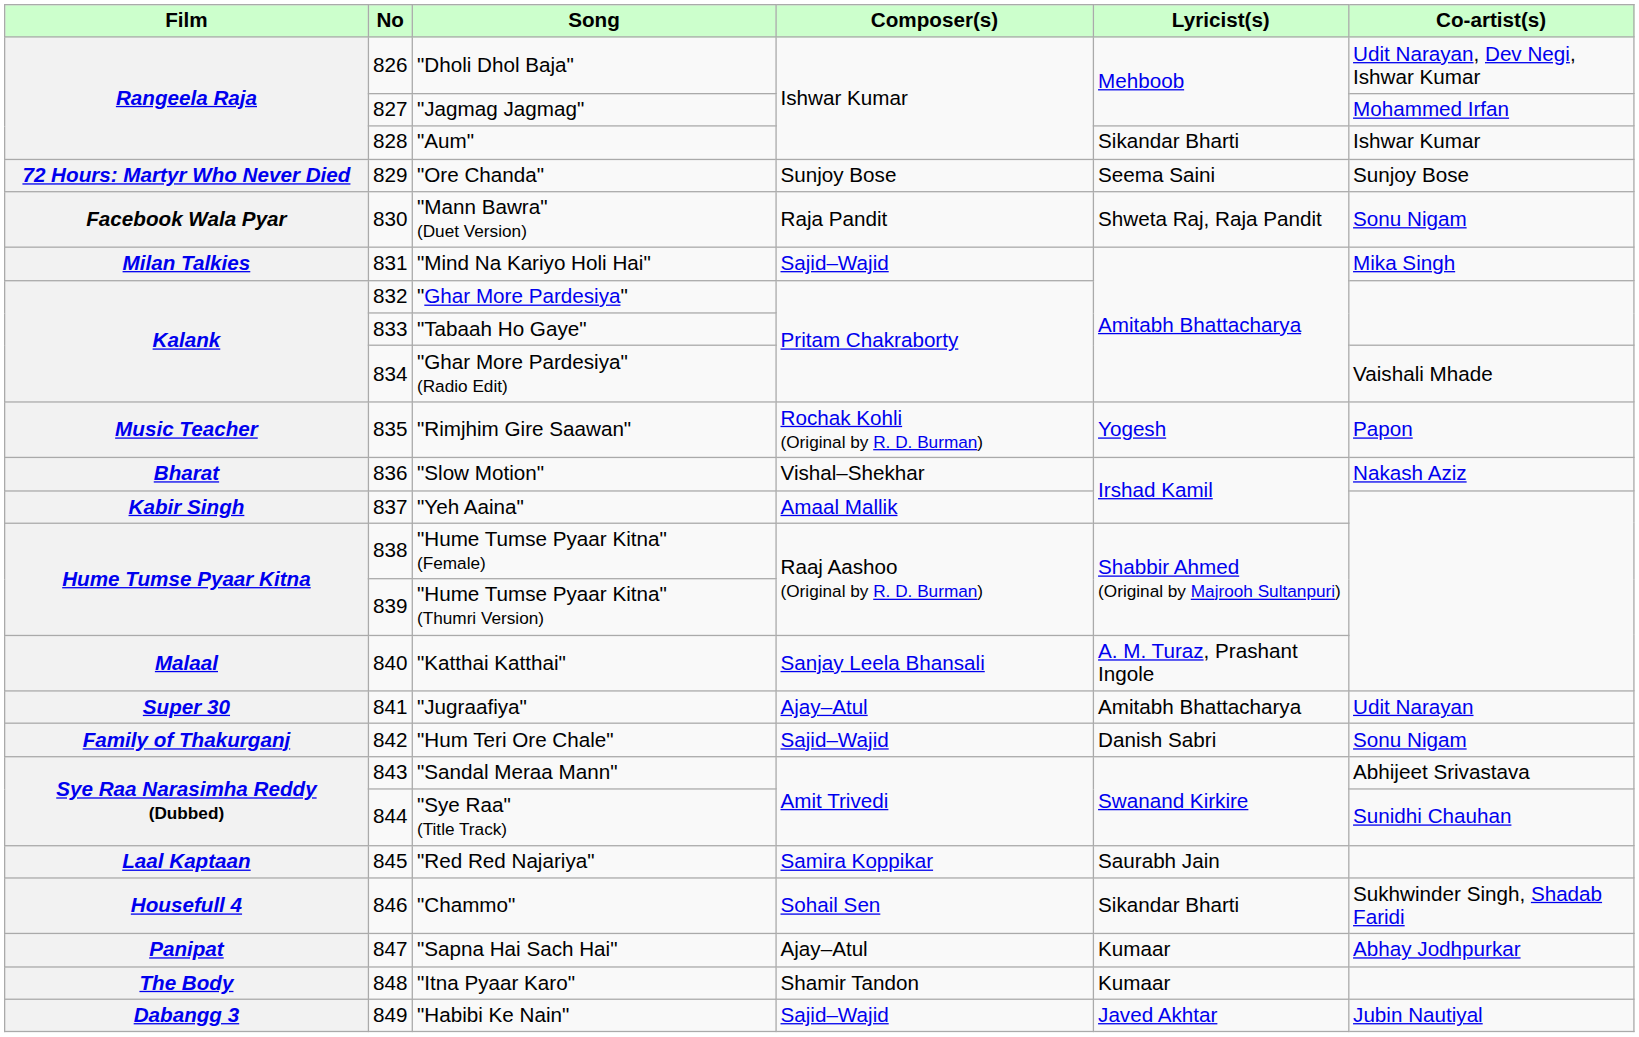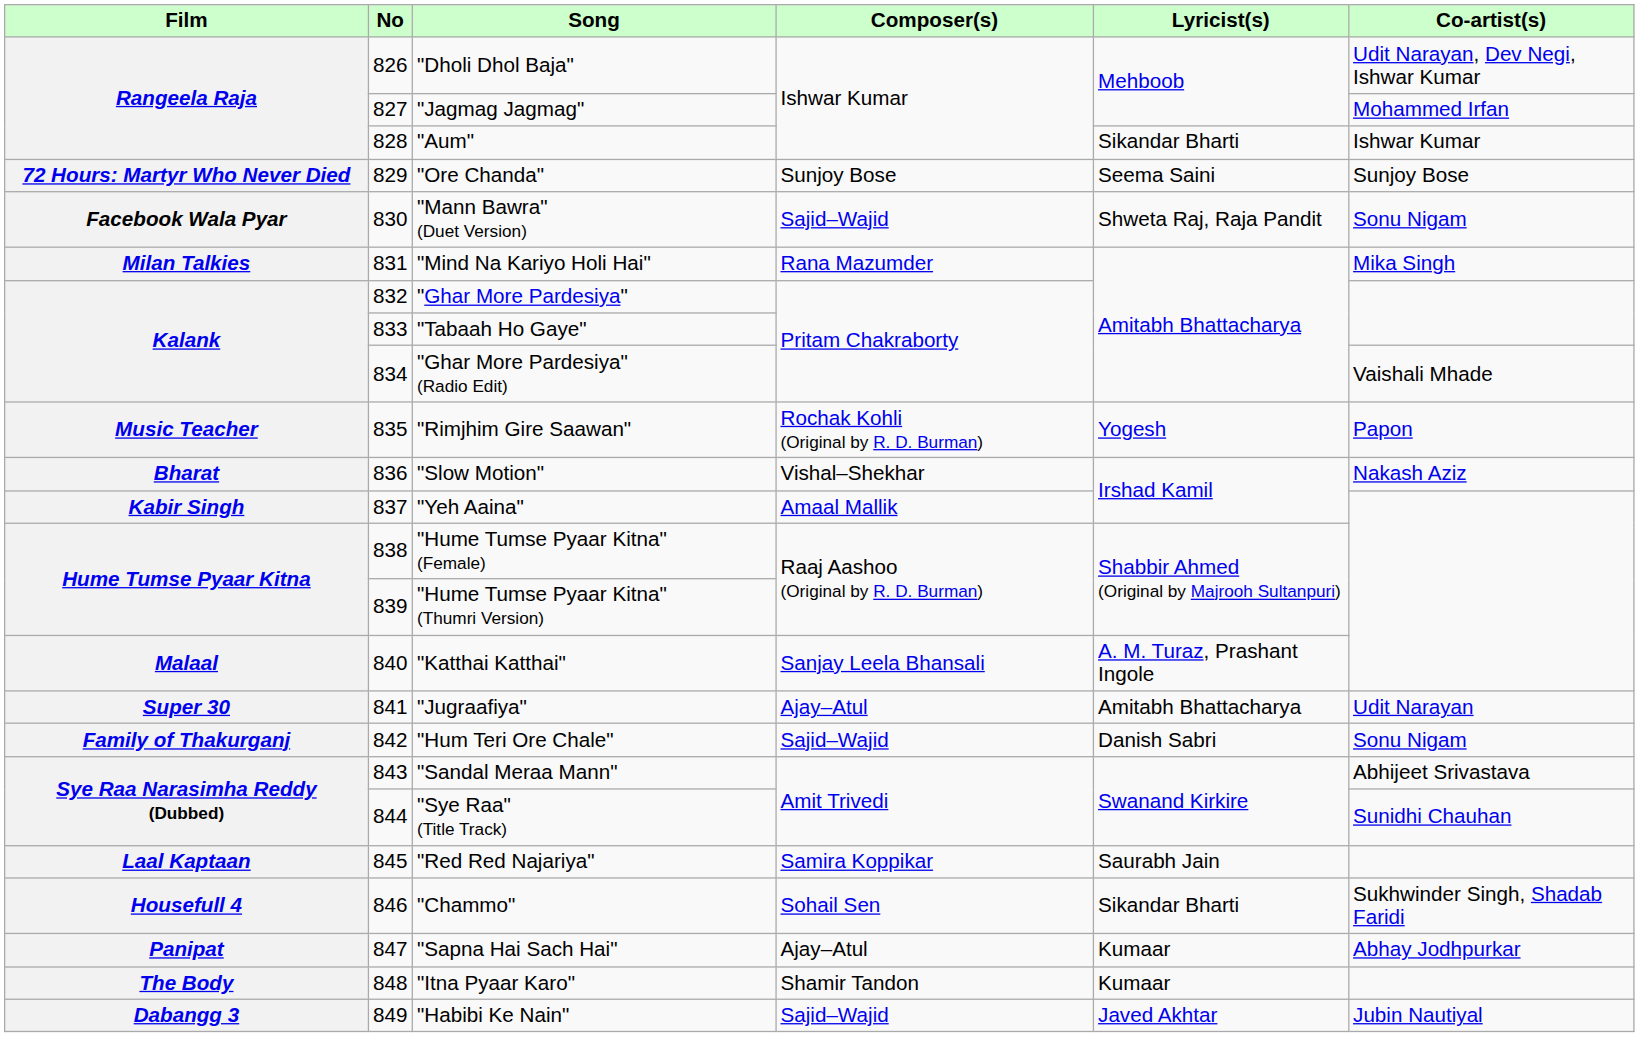 <table class="wikitable plainrowheaders" style="width:100%; textcolor:#000">
 <tr style="background:#cfc; text-align:center;">
 <td scope="col" style="width:23%;"><strong>Film</strong></td>
 <td><strong>No</strong></td>
 <td scope="col" style="width:23%;"><strong>Song</strong></td>
 <td scope="col" style="width:20%;"><strong>Composer(s)</strong></td>
 <td scope="col" style="width:16%;"><strong>Lyricist(s)</strong></td>
 <td scope="col" style="width:18%;"><strong>Co-artist(s)</strong></td>
 </tr>
 <tr>
 <th scope="row" rowspan="3"><em><a href='#'>Rangeela Raja</a></em></th>
 <td>826</td>
 <td>"Dholi Dhol Baja"</td>
 <td rowspan="3">Ishwar Kumar</td>
 <td rowspan="2"><a href='#'>Mehboob</a></td>
 <td><a href='#'>Udit Narayan</a>, <a href='#'>Dev Negi</a>, Ishwar Kumar</td>
 </tr>
 <tr>
 <td>827</td>
 <td>"Jagmag Jagmag"</td>
 <td><a href='#'>Mohammed Irfan</a></td>
 </tr>
 <tr>
 <td>828</td>
 <td>"Aum"</td>
 <td>Sikandar Bharti</td>
 <td>Ishwar Kumar</td>
 </tr>
 <tr>
 <th scope="row"><em><a href='#'>72 Hours: Martyr Who Never Died</a></em></th>
 <td>829</td>
 <td>"Ore Chanda"</td>
 <td>Sunjoy Bose</td>
 <td>Seema Saini</td>
 <td>Sunjoy Bose</td>
 </tr>
 <tr>
 <th scope="row"><em>Facebook Wala Pyar</em></th>
 <td>830</td>
 <td>"Mann Bawra"<br><small>(Duet Version)</small></td>
-<td>Raja Pandit</td>
+<td><a href='#'>Sajid–Wajid</a></td>
 <td>Shweta Raj, Raja Pandit</td>
 <td><a href='#'>Sonu Nigam</a></td>
 </tr>
 <tr>
 <th scope="row"><em><a href='#'>Milan Talkies</a></em></th>
 <td>831</td>
 <td>"Mind Na Kariyo Holi Hai"</td>
-<td><a href='#'>Sajid–Wajid</a></td>
+<td><a href='#'>Rana Mazumder</a></td>
 <td rowspan="4"><a href='#'>Amitabh Bhattacharya</a></td>
 <td><a href='#'>Mika Singh</a></td>
 </tr>
 <tr>
 <th scope="row" rowspan="3"><em><a href='#'>Kalank</a></em></th>
 <td>832</td>
 <td>"<a href='#'>Ghar More Pardesiya</a>"</td>
 <td rowspan="3"><a href='#'>Pritam Chakraborty</a></td>
 <td rowspan="2"></td>
 </tr>
 <tr>
 <td>833</td>
 <td>"Tabaah Ho Gaye"</td>
 </tr>
 <tr>
 <td>834</td>
 <td>"Ghar More Pardesiya"<br><small>(Radio Edit)</small></td>
 <td>Vaishali Mhade</td>
 </tr>
 <tr>
 <th scope="row"><em><a href='#'>Music Teacher</a></em></th>
 <td>835</td>
 <td>"Rimjhim Gire Saawan"</td>
 <td><a href='#'>Rochak Kohli</a><br><small>(Original by <a href='#'>R. D. Burman</a>)</small></td>
 <td><a href='#'>Yogesh</a></td>
 <td><a href='#'>Papon</a></td>
 </tr>
 <tr>
 <th scope="row"><em><a href='#'>Bharat</a></em></th>
 <td>836</td>
 <td>"Slow Motion"</td>
 <td>Vishal–Shekhar</td>
 <td rowspan="2"><a href='#'>Irshad Kamil</a></td>
 <td><a href='#'>Nakash Aziz</a></td>
 </tr>
 <tr>
 <th scope="row"><em><a href='#'>Kabir Singh</a></em></th>
 <td>837</td>
 <td>"Yeh Aaina"</td>
 <td><a href='#'>Amaal Mallik</a></td>
 <td rowspan="4"></td>
 </tr>
 <tr>
 <th scope="row" rowspan="2"><em><a href='#'>Hume Tumse Pyaar Kitna</a></em></th>
 <td>838</td>
 <td>"Hume Tumse Pyaar Kitna"<br><small>(Female)</small></td>
 <td rowspan="2">Raaj Aashoo<br><small>(Original by <a href='#'>R. D. Burman</a>)</small></td>
 <td rowspan="2"><a href='#'>Shabbir Ahmed</a><br><small>(Original by <a href='#'>Majrooh Sultanpuri</a>)</small></td>
 </tr>
 <tr>
 <td>839</td>
 <td>"Hume Tumse Pyaar Kitna"<br><small>(Thumri Version)</small></td>
 </tr>
 <tr>
 <th scope="row"><em><a href='#'>Malaal</a></em></th>
 <td>840</td>
 <td>"Katthai Katthai"</td>
 <td><a href='#'>Sanjay Leela Bhansali</a></td>
 <td><a href='#'>A. M. Turaz</a>, Prashant Ingole</td>
 </tr>
 <tr>
 <th scope="row"><em><a href='#'>Super 30</a></em></th>
 <td>841</td>
 <td>"Jugraafiya"</td>
 <td><a href='#'>Ajay–Atul</a></td>
 <td>Amitabh Bhattacharya</td>
 <td><a href='#'>Udit Narayan</a></td>
 </tr>
 <tr>
 <th scope="row"><em><a href='#'>Family of Thakurganj</a></em></th>
 <td>842</td>
 <td>"Hum Teri Ore Chale"</td>
 <td><a href='#'>Sajid–Wajid</a></td>
 <td>Danish Sabri</td>
 <td><a href='#'>Sonu Nigam</a></td>
 </tr>
 <tr>
 <th scope="row" rowspan="2"><em><a href='#'>Sye Raa Narasimha Reddy</a></em><br><small>(Dubbed)</small></th>
 <td>843</td>
 <td>"Sandal Meraa Mann"</td>
 <td rowspan="2"><a href='#'>Amit Trivedi</a></td>
 <td rowspan="2"><a href='#'>Swanand Kirkire</a></td>
 <td>Abhijeet Srivastava</td>
 </tr>
 <tr>
 <td>844</td>
 <td>"Sye Raa"<br><small>(Title Track)</small></td>
 <td><a href='#'>Sunidhi Chauhan</a></td>
 </tr>
 <tr>
 <th scope="row"><em><a href='#'>Laal Kaptaan</a></em></th>
 <td>845</td>
 <td>"Red Red Najariya"</td>
 <td><a href='#'>Samira Koppikar</a></td>
 <td>Saurabh Jain</td>
 <td></td>
 </tr>
 <tr>
 <th scope="row"><em><a href='#'>Housefull 4</a></em></th>
 <td>846</td>
 <td>"Chammo"</td>
 <td><a href='#'>Sohail Sen</a></td>
 <td>Sikandar Bharti</td>
 <td>Sukhwinder Singh, <a href='#'>Shadab Faridi</a></td>
 </tr>
 <tr>
 <th scope="row"><em><a href='#'>Panipat</a></em></th>
 <td>847</td>
 <td>"Sapna Hai Sach Hai"</td>
 <td>Ajay–Atul</td>
 <td>Kumaar</td>
 <td><a href='#'>Abhay Jodhpurkar</a></td>
 </tr>
 <tr>
 <th scope="row"><em><a href='#'>The Body</a></em></th>
 <td>848</td>
 <td>"Itna Pyaar Karo"</td>
 <td>Shamir Tandon</td>
 <td>Kumaar</td>
 <td></td>
 </tr>
 <tr>
 <th scope="row"><em><a href='#'>Dabangg 3</a></em></th>
 <td>849</td>
 <td>"Habibi Ke Nain"</td>
 <td><a href='#'>Sajid–Wajid</a></td>
 <td><a href='#'>Javed Akhtar</a></td>
 <td><a href='#'>Jubin Nautiyal</a></td>
 </tr>
 </table>
